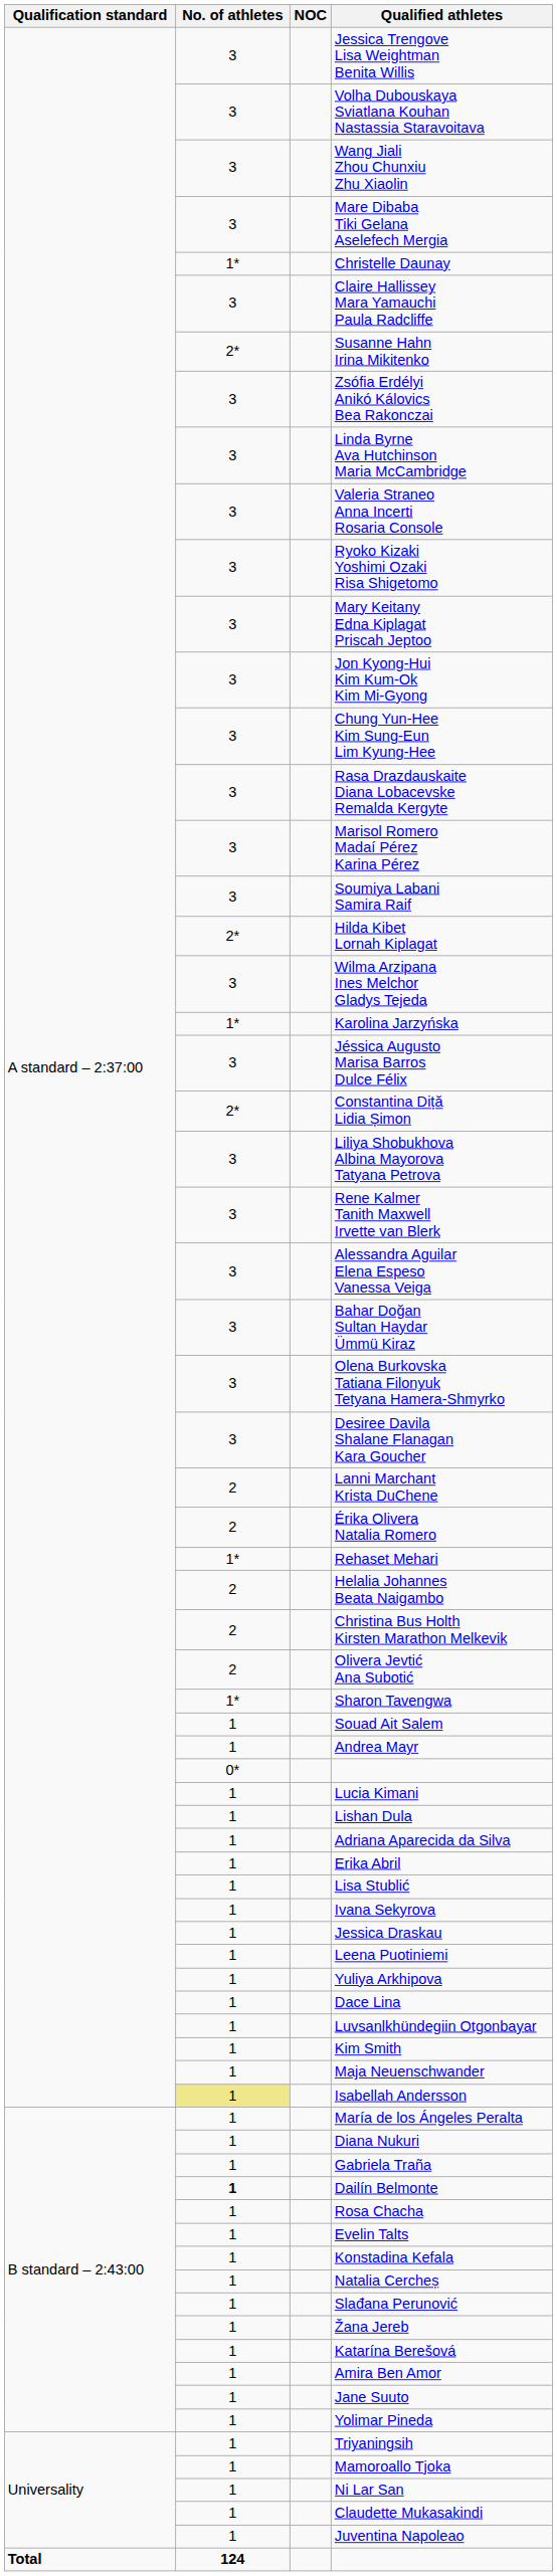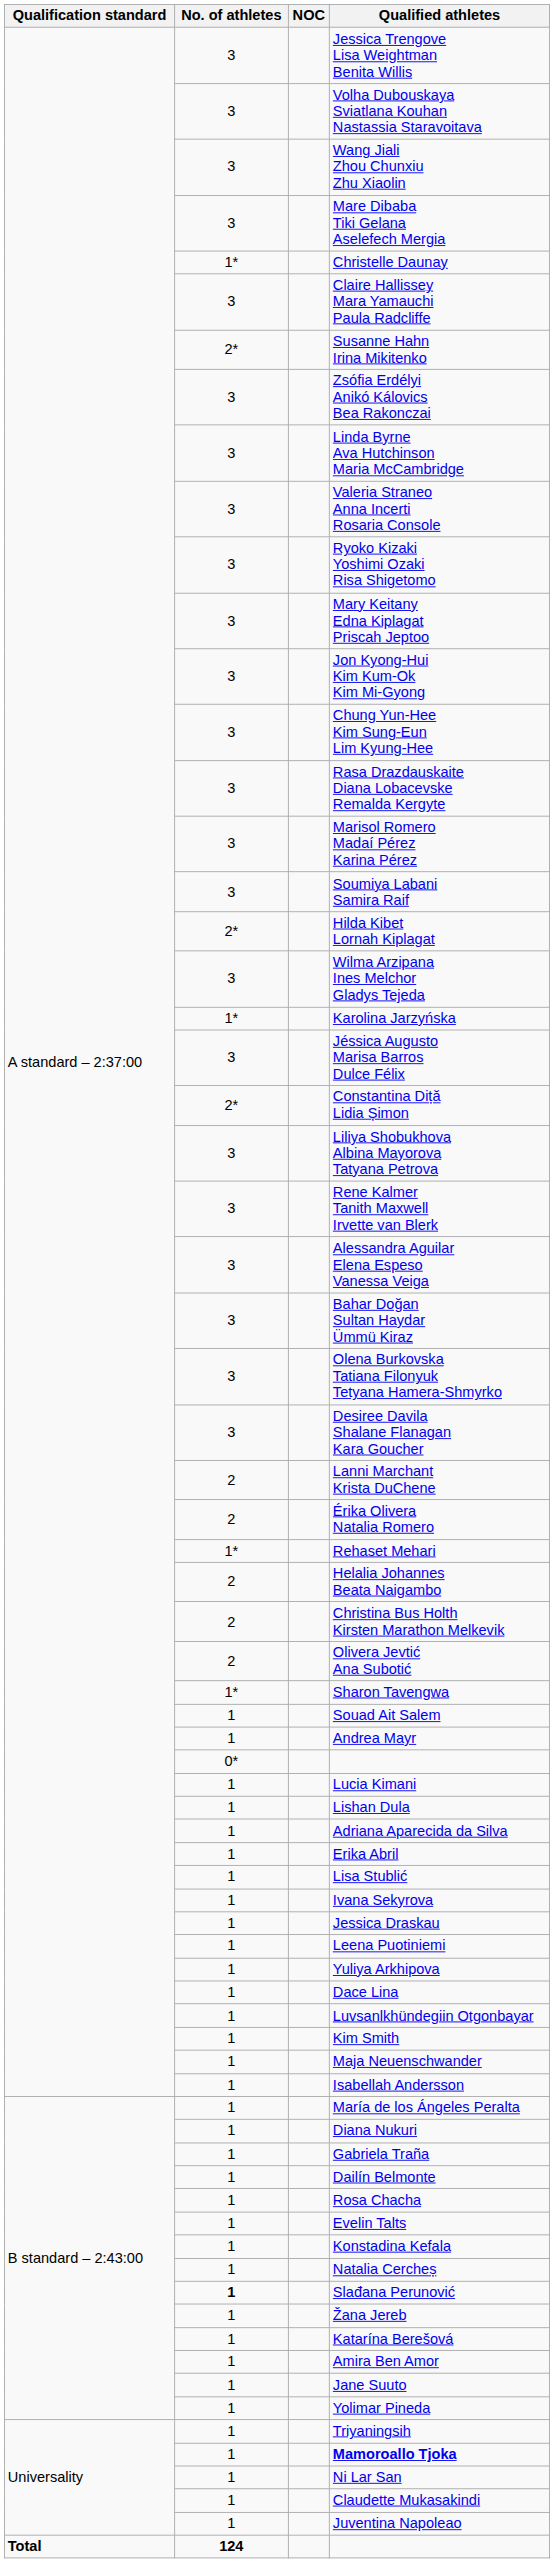 <table class="wikitable"  style="text-align:left; width:600px;">
 <tr>
 <th>Qualification standard</th>
 <th>No. of athletes</th>
 <th>NOC</th>
 <th>Qualified athletes</th>
 </tr>
 <tr>
 <td rowspan="52">A standard – 2:37:00</td>
 <td align=center>3</td>
 <td></td>
 <td><a href='#'>Jessica Trengove</a> <br> <a href='#'>Lisa Weightman</a> <br> <a href='#'>Benita Willis</a></td>
 </tr>
 <tr>
 <td align=center>3</td>
 <td></td>
 <td><a href='#'>Volha Dubouskaya</a> <br> <a href='#'>Sviatlana Kouhan</a> <br> <a href='#'>Nastassia Staravoitava</a></td>
 </tr>
 <tr>
 <td align=center>3</td>
 <td></td>
 <td><a href='#'>Wang Jiali</a> <br> <a href='#'>Zhou Chunxiu</a> <br> <a href='#'>Zhu Xiaolin</a></td>
 </tr>
 <tr>
 <td align=center>3</td>
 <td></td>
 <td><a href='#'>Mare Dibaba</a><br><a href='#'>Tiki Gelana</a><br><a href='#'>Aselefech Mergia</a></td>
 </tr>
 <tr>
 <td align=center>1*</td>
 <td></td>
 <td><a href='#'>Christelle Daunay</a></td>
 </tr>
 <tr>
 <td align=center>3</td>
 <td></td>
 <td><a href='#'>Claire Hallissey</a> <br> <a href='#'>Mara Yamauchi</a> <br> <a href='#'>Paula Radcliffe</a></td>
 </tr>
 <tr>
 <td align=center>2*</td>
 <td></td>
 <td><a href='#'>Susanne Hahn</a><br><a href='#'>Irina Mikitenko</a></td>
 </tr>
 <tr>
 <td align=center>3</td>
 <td></td>
 <td><a href='#'>Zsófia Erdélyi</a> <br> <a href='#'>Anikó Kálovics</a> <br> <a href='#'>Bea Rakonczai</a></td>
 </tr>
 <tr>
 <td align=center>3</td>
 <td></td>
 <td><a href='#'>Linda Byrne</a><br><a href='#'>Ava Hutchinson</a><br><a href='#'>Maria McCambridge</a></td>
 </tr>
 <tr>
 <td align=center>3</td>
 <td></td>
 <td><a href='#'>Valeria Straneo</a><br><a href='#'>Anna Incerti</a><br><a href='#'>Rosaria Console</a></td>
 </tr>
 <tr>
 <td align=center>3</td>
 <td></td>
 <td><a href='#'>Ryoko Kizaki</a> <br> <a href='#'>Yoshimi Ozaki</a> <br> <a href='#'>Risa Shigetomo</a></td>
 </tr>
 <tr>
 <td align=center>3</td>
 <td></td>
 <td><a href='#'>Mary Keitany</a><br><a href='#'>Edna Kiplagat</a><br><a href='#'>Priscah Jeptoo</a></td>
 </tr>
 <tr>
 <td align=center>3</td>
 <td></td>
 <td><a href='#'>Jon Kyong-Hui</a> <br> <a href='#'>Kim Kum-Ok</a> <br> <a href='#'>Kim Mi-Gyong</a></td>
 </tr>
 <tr>
 <td align=center>3</td>
 <td></td>
 <td><a href='#'>Chung Yun-Hee</a> <br> <a href='#'>Kim Sung-Eun</a> <br> <a href='#'>Lim Kyung-Hee</a></td>
 </tr>
 <tr>
 <td align=center>3</td>
 <td></td>
 <td><a href='#'>Rasa Drazdauskaite</a><br><a href='#'>Diana Lobacevske</a><br><a href='#'>Remalda Kergyte</a></td>
 </tr>
 <tr>
 <td align=center>3</td>
 <td></td>
 <td><a href='#'>Marisol Romero</a> <br> <a href='#'>Madaí Pérez</a> <br> <a href='#'>Karina Pérez</a></td>
 </tr>
 <tr>
 <td align=center>3</td>
 <td></td>
 <td><a href='#'>Soumiya Labani</a> <br> <a href='#'>Samira Raif</a></td>
 </tr>
 <tr>
 <td align=center>2*</td>
 <td></td>
 <td><a href='#'>Hilda Kibet</a> <br> <a href='#'>Lornah Kiplagat</a></td>
 </tr>
 <tr>
 <td align=center>3</td>
 <td></td>
 <td><a href='#'>Wilma Arzipana</a><br><a href='#'>Ines Melchor</a><br><a href='#'>Gladys Tejeda</a></td>
 </tr>
 <tr>
 <td align=center>1*</td>
 <td></td>
 <td><a href='#'>Karolina Jarzyńska</a></td>
 </tr>
 <tr>
 <td align=center>3</td>
 <td></td>
 <td><a href='#'>Jéssica Augusto</a><br><a href='#'>Marisa Barros</a><br><a href='#'>Dulce Félix</a></td>
 </tr>
 <tr>
 <td align=center>2*</td>
 <td></td>
 <td><a href='#'>Constantina Diță</a> <br> <a href='#'>Lidia Șimon</a></td>
 </tr>
 <tr>
 <td align=center>3</td>
 <td></td>
 <td><a href='#'>Liliya Shobukhova</a> <br> <a href='#'>Albina Mayorova</a> <br> <a href='#'>Tatyana Petrova</a></td>
 </tr>
 <tr>
 <td align=center>3</td>
 <td></td>
 <td><a href='#'>Rene Kalmer</a> <br> <a href='#'>Tanith Maxwell</a> <br> <a href='#'>Irvette van Blerk</a></td>
 </tr>
 <tr>
 <td align=center>3</td>
 <td></td>
 <td><a href='#'>Alessandra Aguilar</a> <br> <a href='#'>Elena Espeso</a> <br> <a href='#'>Vanessa Veiga</a></td>
 </tr>
 <tr>
 <td align=center>3</td>
 <td></td>
 <td><a href='#'>Bahar Doğan</a> <br> <a href='#'>Sultan Haydar</a> <br> <a href='#'>Ümmü Kiraz</a></td>
 </tr>
 <tr>
 <td align=center>3</td>
 <td></td>
 <td><a href='#'>Olena Burkovska</a> <br> <a href='#'>Tatiana Filonyuk</a> <br> <a href='#'>Tetyana Hamera-Shmyrko</a></td>
 </tr>
 <tr>
 <td align=center>3</td>
 <td></td>
 <td><a href='#'>Desiree Davila</a><br><a href='#'>Shalane Flanagan</a><br><a href='#'>Kara Goucher</a></td>
 </tr>
 <tr>
 <td align=center>2</td>
 <td></td>
 <td><a href='#'>Lanni Marchant</a><br><a href='#'>Krista DuChene</a></td>
 </tr>
 <tr>
 <td align=center>2</td>
 <td></td>
 <td><a href='#'>Érika Olivera</a><br><a href='#'>Natalia Romero</a></td>
 </tr>
 <tr>
 <td align=center>1*</td>
 <td></td>
 <td><a href='#'>Rehaset Mehari</a></td>
 </tr>
 <tr>
 <td align=center>2</td>
 <td></td>
 <td><a href='#'>Helalia Johannes</a><br><a href='#'>Beata Naigambo</a></td>
 </tr>
 <tr>
 <td align=center>2</td>
 <td></td>
 <td><a href='#'>Christina Bus Holth</a><br><a href='#'>Kirsten Marathon Melkevik</a></td>
 </tr>
 <tr>
 <td align=center>2</td>
 <td></td>
 <td><a href='#'>Olivera Jevtić</a><br><a href='#'>Ana Subotić</a></td>
 </tr>
 <tr>
 <td align=center>1*</td>
 <td> </td>
 <td><a href='#'>Sharon Tavengwa</a></td>
 </tr>
 <tr>
 <td align=center>1</td>
 <td></td>
 <td><a href='#'>Souad Ait Salem</a></td>
 </tr>
 <tr>
 <td align=center>1</td>
 <td></td>
 <td><a href='#'>Andrea Mayr</a></td>
 </tr>
 <tr>
 <td align=center>0*</td>
 <td> </td>
 </tr>
 <tr>
 <td align=center>1</td>
 <td></td>
 <td><a href='#'>Lucia Kimani</a></td>
 </tr>
 <tr>
 <td align=center>1</td>
 <td></td>
 <td><a href='#'>Lishan Dula</a></td>
 </tr>
 <tr>
 <td align=center>1</td>
 <td></td>
 <td><a href='#'>Adriana Aparecida da Silva</a></td>
 </tr>
 <tr>
 <td align=center>1</td>
 <td></td>
 <td><a href='#'>Erika Abril</a></td>
 </tr>
 <tr>
 <td align=center>1</td>
 <td></td>
 <td><a href='#'>Lisa Stublić</a></td>
 </tr>
 <tr>
 <td align=center>1</td>
 <td></td>
 <td><a href='#'>Ivana Sekyrova</a></td>
 </tr>
 <tr>
 <td align=center>1</td>
 <td></td>
 <td><a href='#'>Jessica Draskau</a></td>
 </tr>
 <tr>
 <td align=center>1</td>
 <td></td>
 <td><a href='#'>Leena Puotiniemi</a></td>
 </tr>
 <tr>
 <td align=center>1</td>
 <td></td>
 <td><a href='#'>Yuliya Arkhipova</a></td>
 </tr>
 <tr>
 <td align=center>1</td>
 <td></td>
 <td><a href='#'>Dace Lina</a></td>
 </tr>
 <tr>
 <td align=center>1</td>
 <td></td>
 <td><a href='#'>Luvsanlkhündegiin Otgonbayar</a></td>
 </tr>
 <tr>
 <td align=center>1</td>
 <td></td>
 <td><a href='#'>Kim Smith</a></td>
 </tr>
 <tr>
 <td align=center>1</td>
 <td></td>
 <td><a href='#'>Maja Neuenschwander</a></td>
 </tr>
 <tr>
-<td align=center style="background: khaki;">1</td>
+<td align=center>1</td>
 <td></td>
 <td><a href='#'>Isabellah Andersson</a></td>
 </tr>
 <tr>
 <td rowspan="14">B standard – 2:43:00</td>
 <td align=center>1</td>
 <td></td>
 <td><a href='#'>María de los Ángeles Peralta</a></td>
 </tr>
 <tr>
 <td align=center>1</td>
 <td></td>
 <td><a href='#'>Diana Nukuri</a></td>
 </tr>
 <tr>
 <td align=center>1</td>
 <td></td>
 <td><a href='#'>Gabriela Traña</a></td>
 </tr>
 <tr>
-<td align=center><strong>1</strong></td>
+<td align=center>1</td>
 <td></td>
 <td><a href='#'>Dailín Belmonte</a></td>
 </tr>
 <tr>
 <td align=center>1</td>
 <td></td>
 <td><a href='#'>Rosa Chacha</a></td>
 </tr>
 <tr>
 <td align=center>1</td>
 <td></td>
 <td><a href='#'>Evelin Talts</a></td>
 </tr>
 <tr>
 <td align=center>1</td>
 <td></td>
 <td><a href='#'>Konstadina Kefala</a></td>
 </tr>
 <tr>
 <td align=center>1</td>
 <td></td>
 <td><a href='#'>Natalia Cercheș</a></td>
 </tr>
 <tr>
-<td align=center>1</td>
+<td align=center><strong>1</strong></td>
 <td></td>
 <td><a href='#'>Slađana Perunović</a></td>
 </tr>
 <tr>
 <td align=center>1</td>
 <td></td>
 <td><a href='#'>Žana Jereb</a></td>
 </tr>
 <tr>
 <td align=center>1</td>
 <td></td>
 <td><a href='#'>Katarína Berešová</a></td>
 </tr>
 <tr>
 <td align=center>1</td>
 <td></td>
 <td><a href='#'>Amira Ben Amor</a></td>
 </tr>
 <tr>
 <td align=center>1</td>
 <td></td>
 <td><a href='#'>Jane Suuto</a></td>
 </tr>
 <tr>
 <td align=center>1</td>
 <td></td>
 <td><a href='#'>Yolimar Pineda</a></td>
 </tr>
 <tr>
 <td rowspan="5">Universality</td>
 <td align=center>1</td>
 <td></td>
 <td><a href='#'>Triyaningsih</a></td>
 </tr>
 <tr>
 <td align=center>1</td>
 <td></td>
-<td><a href='#'>Mamoroallo Tjoka</a></td>
+<td><strong><a href='#'>Mamoroallo Tjoka</a></strong></td>
 </tr>
 <tr>
 <td align=center>1</td>
 <td></td>
 <td><a href='#'>Ni Lar San</a></td>
 </tr>
 <tr>
 <td align=center>1</td>
 <td></td>
 <td><a href='#'>Claudette Mukasakindi</a></td>
 </tr>
 <tr>
 <td align=center>1</td>
 <td></td>
 <td><a href='#'>Juventina Napoleao</a></td>
 </tr>
 <tr>
 <td><strong>Total</strong></td>
 <td align=center><strong>124</strong></td>
 <td></td>
 </tr>
 </table>
